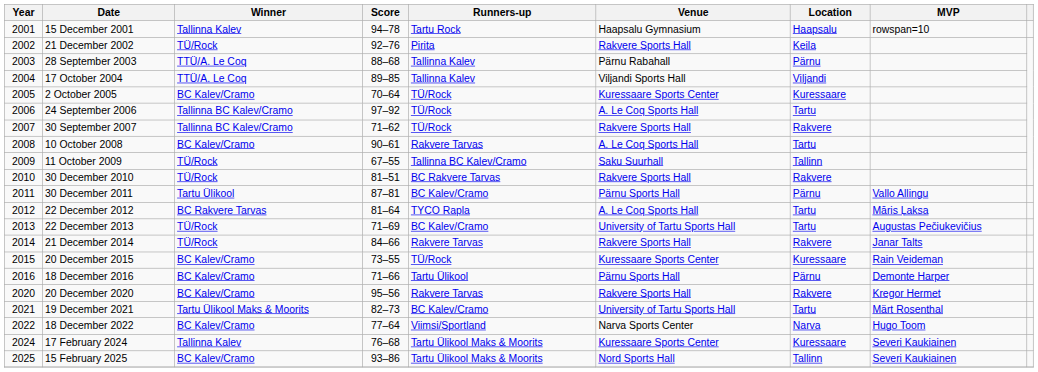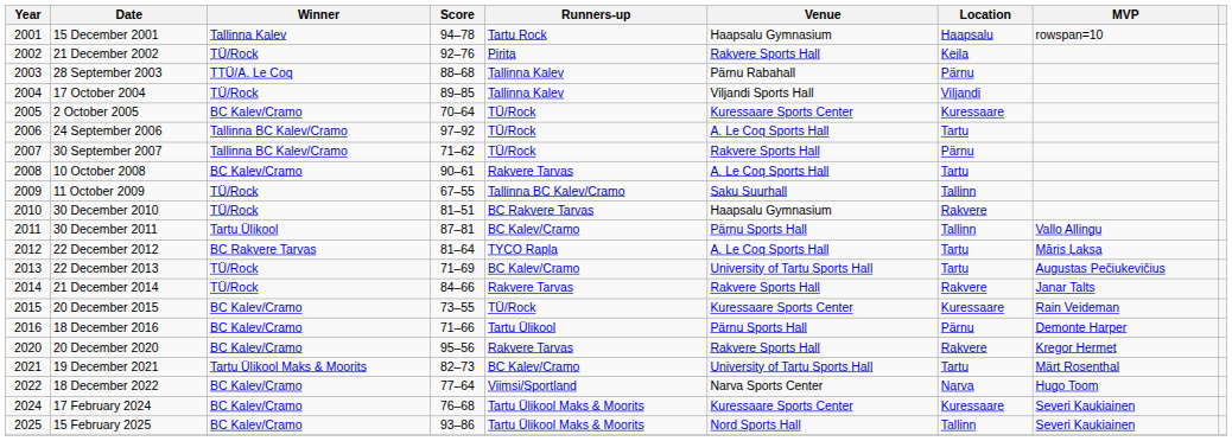 <table class="wikitable" style="width:100%;">
 <tr>
 <th>Year</th>
 <th>Date</th>
 <th>Winner</th>
 <th>Score</th>
 <th>Runners-up</th>
 <th>Venue</th>
 <th>Location</th>
 <th>MVP</th>
 <th class=unsortable></th>
 </tr>
 <tr>
 <td align=center>2001</td>
 <td>15 December 2001</td>
 <td><a href='#'>Tallinna Kalev</a></td>
 <td align=center>94–78</td>
 <td><a href='#'>Tartu Rock</a></td>
 <td>Haapsalu Gymnasium</td>
 <td><a href='#'>Haapsalu</a></td>
 <td>rowspan=10 </td>
 <td></td>
 </tr>
 <tr>
 <td align=center>2002</td>
 <td>21 December 2002</td>
 <td><a href='#'>TÜ/Rock</a></td>
 <td align=center>92–76</td>
 <td><a href='#'>Pirita</a></td>
 <td><a href='#'>Rakvere Sports Hall</a></td>
 <td><a href='#'>Keila</a></td>
 <td></td>
 </tr>
 <tr>
 <td align=center>2003</td>
 <td>28 September 2003</td>
 <td><a href='#'>TTÜ/A. Le Coq</a></td>
 <td align=center>88–68</td>
 <td><a href='#'>Tallinna Kalev</a></td>
 <td>Pärnu Rabahall</td>
 <td><a href='#'>Pärnu</a></td>
 <td></td>
 </tr>
 <tr>
 <td align=center>2004</td>
 <td>17 October 2004</td>
-<td><a href='#'>TTÜ/A. Le Coq</a></td>
+<td><a href='#'>TÜ/Rock</a></td>
 <td align=center>89–85</td>
 <td><a href='#'>Tallinna Kalev</a></td>
 <td>Viljandi Sports Hall</td>
 <td><a href='#'>Viljandi</a></td>
 <td></td>
 </tr>
 <tr>
 <td align=center>2005</td>
 <td>2 October 2005</td>
 <td><a href='#'>BC Kalev/Cramo</a></td>
 <td align=center>70–64</td>
 <td><a href='#'>TÜ/Rock</a></td>
 <td><a href='#'>Kuressaare Sports Center</a></td>
 <td><a href='#'>Kuressaare</a></td>
 <td></td>
 </tr>
 <tr>
 <td align=center>2006</td>
 <td>24 September 2006</td>
 <td><a href='#'>Tallinna BC Kalev/Cramo</a></td>
 <td align=center>97–92</td>
 <td><a href='#'>TÜ/Rock</a></td>
 <td><a href='#'>A. Le Coq Sports Hall</a></td>
 <td><a href='#'>Tartu</a></td>
 <td></td>
 </tr>
 <tr>
 <td align=center>2007</td>
 <td>30 September 2007</td>
 <td><a href='#'>Tallinna BC Kalev/Cramo</a></td>
 <td align=center>71–62</td>
 <td><a href='#'>TÜ/Rock</a></td>
 <td><a href='#'>Rakvere Sports Hall</a></td>
-<td><a href='#'>Rakvere</a></td>
+<td><a href='#'>Pärnu</a></td>
 <td></td>
 </tr>
 <tr>
 <td align=center>2008</td>
 <td>10 October 2008</td>
 <td><a href='#'>BC Kalev/Cramo</a></td>
 <td align=center>90–61</td>
 <td><a href='#'>Rakvere Tarvas</a></td>
 <td><a href='#'>A. Le Coq Sports Hall</a></td>
 <td><a href='#'>Tartu</a></td>
 <td></td>
 </tr>
 <tr>
 <td align=center>2009</td>
 <td>11 October 2009</td>
 <td><a href='#'>TÜ/Rock</a></td>
 <td align=center>67–55</td>
 <td><a href='#'>Tallinna BC Kalev/Cramo</a></td>
 <td><a href='#'>Saku Suurhall</a></td>
 <td><a href='#'>Tallinn</a></td>
 <td></td>
 </tr>
 <tr>
 <td align=center>2010</td>
 <td>30 December 2010</td>
 <td><a href='#'>TÜ/Rock</a></td>
 <td align=center>81–51</td>
 <td><a href='#'>BC Rakvere Tarvas</a></td>
-<td><a href='#'>Rakvere Sports Hall</a></td>
+<td>Haapsalu Gymnasium</td>
 <td><a href='#'>Rakvere</a></td>
 <td></td>
 </tr>
 <tr>
 <td align=center>2011</td>
 <td>30 December 2011</td>
 <td><a href='#'>Tartu Ülikool</a></td>
 <td align=center>87–81</td>
 <td><a href='#'>BC Kalev/Cramo</a></td>
 <td><a href='#'>Pärnu Sports Hall</a></td>
-<td><a href='#'>Pärnu</a></td>
+<td><a href='#'>Tallinn</a></td>
 <td> <a href='#'>Vallo Allingu</a></td>
 <td></td>
 </tr>
 <tr>
 <td align=center>2012</td>
 <td>22 December 2012</td>
 <td><a href='#'>BC Rakvere Tarvas</a></td>
 <td align=center>81–64</td>
 <td><a href='#'>TYCO Rapla</a></td>
 <td><a href='#'>A. Le Coq Sports Hall</a></td>
 <td><a href='#'>Tartu</a></td>
 <td> <a href='#'>Māris Ļaksa</a></td>
 <td></td>
 </tr>
 <tr>
 <td align=center>2013</td>
 <td>22 December 2013</td>
 <td><a href='#'>TÜ/Rock</a></td>
 <td align=center>71–69</td>
 <td><a href='#'>BC Kalev/Cramo</a></td>
 <td><a href='#'>University of Tartu Sports Hall</a></td>
 <td><a href='#'>Tartu</a></td>
 <td> <a href='#'>Augustas Pečiukevičius</a></td>
 <td></td>
 </tr>
 <tr>
 <td align=center>2014</td>
 <td>21 December 2014</td>
 <td><a href='#'>TÜ/Rock</a></td>
 <td align=center>84–66</td>
 <td><a href='#'>Rakvere Tarvas</a></td>
 <td><a href='#'>Rakvere Sports Hall</a></td>
 <td><a href='#'>Rakvere</a></td>
 <td> <a href='#'>Janar Talts</a></td>
 <td></td>
 </tr>
 <tr>
 <td align=center>2015</td>
 <td>20 December 2015</td>
 <td><a href='#'>BC Kalev/Cramo</a></td>
 <td align=center>73–55</td>
 <td><a href='#'>TÜ/Rock</a></td>
 <td><a href='#'>Kuressaare Sports Center</a></td>
 <td><a href='#'>Kuressaare</a></td>
 <td> <a href='#'>Rain Veideman</a></td>
 <td></td>
 </tr>
 <tr>
 <td align=center>2016</td>
 <td>18 December 2016</td>
 <td><a href='#'>BC Kalev/Cramo</a></td>
 <td align=center>71–66</td>
 <td><a href='#'>Tartu Ülikool</a></td>
 <td><a href='#'>Pärnu Sports Hall</a></td>
 <td><a href='#'>Pärnu</a></td>
 <td> <a href='#'>Demonte Harper</a></td>
 <td></td>
 </tr>
 <tr>
 <td align=center>2020</td>
 <td>20 December 2020</td>
 <td><a href='#'>BC Kalev/Cramo</a></td>
 <td align=center>95–56</td>
 <td><a href='#'>Rakvere Tarvas</a></td>
 <td><a href='#'>Rakvere Sports Hall</a></td>
 <td><a href='#'>Rakvere</a></td>
 <td> <a href='#'>Kregor Hermet</a></td>
 <td></td>
 </tr>
 <tr>
 <td align=center>2021</td>
 <td>19 December 2021</td>
 <td><a href='#'>Tartu Ülikool Maks & Moorits</a></td>
 <td align=center>82–73</td>
 <td><a href='#'>BC Kalev/Cramo</a></td>
 <td><a href='#'>University of Tartu Sports Hall</a></td>
 <td><a href='#'>Tartu</a></td>
 <td> <a href='#'>Märt Rosenthal</a></td>
 <td></td>
 </tr>
 <tr>
 <td align=center>2022</td>
 <td>18 December 2022</td>
 <td><a href='#'>BC Kalev/Cramo</a></td>
 <td align=center>77–64</td>
 <td><a href='#'>Viimsi/Sportland</a></td>
 <td>Narva Sports Center</td>
 <td><a href='#'>Narva</a></td>
 <td> <a href='#'>Hugo Toom</a></td>
 <td></td>
 </tr>
 <tr>
 <td align=center>2024</td>
 <td>17 February 2024</td>
-<td><a href='#'>Tallinna Kalev</a></td>
+<td><a href='#'>BC Kalev/Cramo</a></td>
 <td align=center>76–68</td>
 <td><a href='#'>Tartu Ülikool Maks & Moorits</a></td>
 <td><a href='#'>Kuressaare Sports Center</a></td>
 <td><a href='#'>Kuressaare</a></td>
 <td> <a href='#'>Severi Kaukiainen</a></td>
 <td></td>
 </tr>
 <tr>
 <td align=center>2025</td>
 <td>15 February 2025</td>
 <td><a href='#'>BC Kalev/Cramo</a></td>
 <td align=center>93–86</td>
 <td><a href='#'>Tartu Ülikool Maks & Moorits</a></td>
 <td><a href='#'>Nord Sports Hall</a></td>
 <td><a href='#'>Tallinn</a></td>
 <td> <a href='#'>Severi Kaukiainen</a></td>
 <td></td>
 </tr>
 <tr>
 </tr>
 </table>
